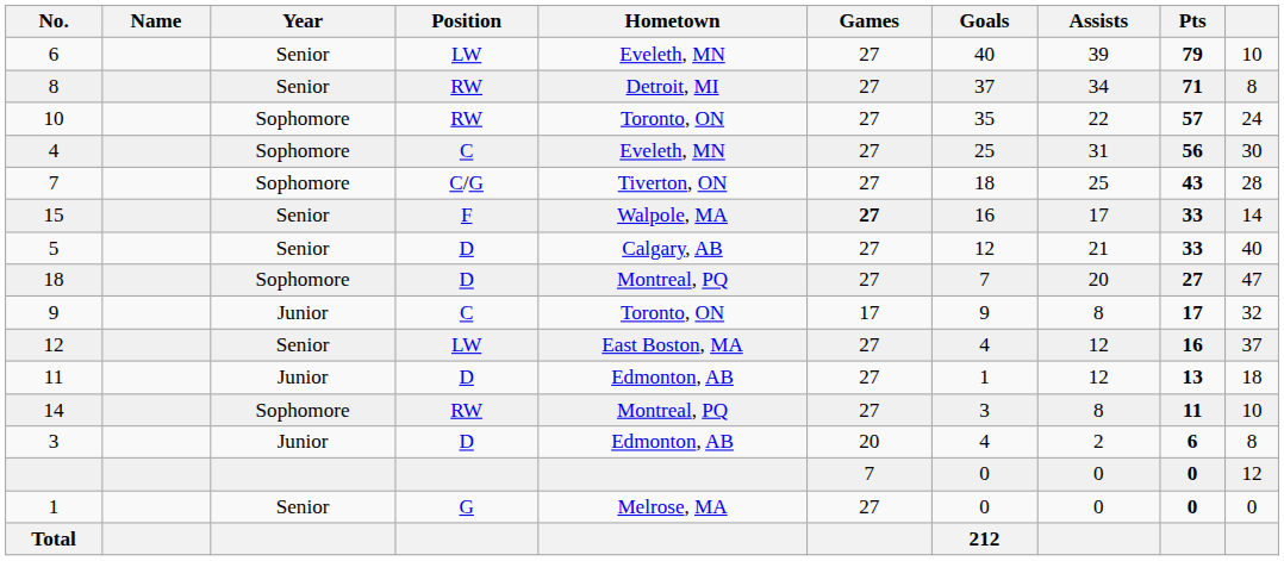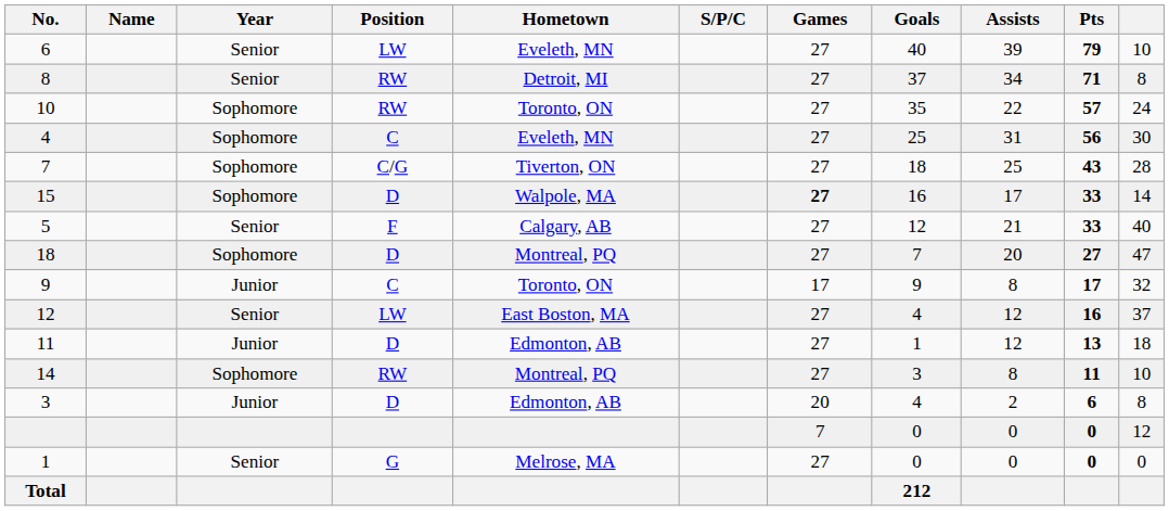 <table class="wikitable sortable" width ="1000">
 <tr align="center">
 <th><strong>No.</strong></th>
 <th><strong>Name</strong></th>
 <th><strong>Year</strong></th>
 <th><strong>Position</strong></th>
 <th><strong>Hometown</strong></th>
+<th><strong>S/P/C</strong></th>
 <th><strong>Games</strong></th>
 <th><strong>Goals</strong></th>
 <th><strong>Assists</strong></th>
 <th><strong>Pts</strong></th>
 <th><strong><a href='#'></a></strong></th>
 </tr>
 <tr align="center" bgcolor="">
 <td>6</td>
 <td></td>
 <td>Senior</td>
 <td><a href='#'>LW</a></td>
 <td><a href='#'>Eveleth</a>, <a href='#'>MN</a></td>
+<td></td>
 <td>27</td>
 <td>40</td>
 <td>39</td>
 <td><strong>79</strong></td>
 <td>10</td>
 </tr>
 <tr align="center" bgcolor="f0f0f0">
 <td>8</td>
 <td></td>
 <td>Senior</td>
 <td><a href='#'>RW</a></td>
 <td><a href='#'>Detroit</a>, <a href='#'>MI</a></td>
+<td></td>
 <td>27</td>
 <td>37</td>
 <td>34</td>
 <td><strong>71</strong></td>
 <td>8</td>
 </tr>
 <tr align="center" bgcolor="">
 <td>10</td>
 <td></td>
 <td>Sophomore</td>
 <td><a href='#'>RW</a></td>
 <td><a href='#'>Toronto</a>, <a href='#'>ON</a></td>
+<td></td>
 <td>27</td>
 <td>35</td>
 <td>22</td>
 <td><strong>57</strong></td>
 <td>24</td>
 </tr>
 <tr align="center" bgcolor="f0f0f0">
 <td>4</td>
 <td></td>
 <td>Sophomore</td>
 <td><a href='#'>C</a></td>
 <td><a href='#'>Eveleth</a>, <a href='#'>MN</a></td>
+<td></td>
 <td>27</td>
 <td>25</td>
 <td>31</td>
 <td><strong>56</strong></td>
 <td>30</td>
 </tr>
 <tr align="center" bgcolor="">
 <td>7</td>
 <td></td>
 <td>Sophomore</td>
 <td><a href='#'>C</a>/<a href='#'>G</a></td>
 <td><a href='#'>Tiverton</a>, <a href='#'>ON</a></td>
+<td></td>
 <td>27</td>
 <td>18</td>
 <td>25</td>
 <td><strong>43</strong></td>
 <td>28</td>
 </tr>
 <tr align="center" bgcolor="f0f0f0">
 <td>15</td>
 <td></td>
-<td>Senior</td>
-<td><a href='#'>F</a></td>
+<td>Sophomore</td>
+<td><a href='#'>D</a></td>
 <td><a href='#'>Walpole</a>, <a href='#'>MA</a></td>
+<td></td>
 <td><strong>27</strong></td>
 <td>16</td>
 <td>17</td>
 <td><strong>33</strong></td>
 <td>14</td>
 </tr>
 <tr align="center" bgcolor="">
 <td>5</td>
 <td></td>
 <td>Senior</td>
-<td><a href='#'>D</a></td>
+<td><a href='#'>F</a></td>
 <td><a href='#'>Calgary</a>, <a href='#'>AB</a></td>
+<td></td>
 <td>27</td>
 <td>12</td>
 <td>21</td>
 <td><strong>33</strong></td>
 <td>40</td>
 </tr>
 <tr align="center" bgcolor="f0f0f0">
 <td>18</td>
 <td></td>
 <td>Sophomore</td>
 <td><a href='#'>D</a></td>
 <td><a href='#'>Montreal</a>, <a href='#'>PQ</a></td>
+<td></td>
 <td>27</td>
 <td>7</td>
 <td>20</td>
 <td><strong>27</strong></td>
 <td>47</td>
 </tr>
 <tr align="center" bgcolor="">
 <td>9</td>
 <td></td>
 <td>Junior</td>
 <td><a href='#'>C</a></td>
 <td><a href='#'>Toronto</a>, <a href='#'>ON</a></td>
+<td></td>
 <td>17</td>
 <td>9</td>
 <td>8</td>
 <td><strong>17</strong></td>
 <td>32</td>
 </tr>
 <tr align="center" bgcolor="f0f0f0">
 <td>12</td>
 <td></td>
 <td>Senior</td>
 <td><a href='#'>LW</a></td>
 <td><a href='#'>East Boston</a>, <a href='#'>MA</a></td>
+<td></td>
 <td>27</td>
 <td>4</td>
 <td>12</td>
 <td><strong>16</strong></td>
 <td>37</td>
 </tr>
 <tr align="center" bgcolor="">
 <td>11</td>
 <td></td>
 <td>Junior</td>
 <td><a href='#'>D</a></td>
 <td><a href='#'>Edmonton</a>, <a href='#'>AB</a></td>
+<td></td>
 <td>27</td>
 <td>1</td>
 <td>12</td>
 <td><strong>13</strong></td>
 <td>18</td>
 </tr>
 <tr align="center" bgcolor="f0f0f0">
 <td>14</td>
 <td></td>
 <td>Sophomore</td>
 <td><a href='#'>RW</a></td>
 <td><a href='#'>Montreal</a>, <a href='#'>PQ</a></td>
+<td></td>
 <td>27</td>
 <td>3</td>
 <td>8</td>
 <td><strong>11</strong></td>
 <td>10</td>
 </tr>
 <tr align="center" bgcolor="">
 <td>3</td>
 <td></td>
 <td>Junior</td>
 <td><a href='#'>D</a></td>
 <td><a href='#'>Edmonton</a>, <a href='#'>AB</a></td>
+<td></td>
 <td>20</td>
 <td>4</td>
 <td>2</td>
 <td><strong>6</strong></td>
 <td>8</td>
 </tr>
 <tr align="center" bgcolor="f0f0f0">
+<td></td>
 <td></td>
 <td></td>
 <td></td>
 <td></td>
 <td></td>
 <td>7</td>
 <td>0</td>
 <td>0</td>
 <td><strong>0</strong></td>
 <td>12</td>
 </tr>
 <tr align="center" bgcolor="">
 <td>1</td>
 <td></td>
 <td>Senior</td>
 <td><a href='#'>G</a></td>
 <td><a href='#'>Melrose</a>, <a href='#'>MA</a></td>
+<td></td>
 <td>27</td>
 <td>0</td>
 <td>0</td>
 <td><strong>0</strong></td>
 <td>0</td>
 </tr>
 <tr>
 <th>Total</th>
 <th></th>
 <th></th>
 <th></th>
 <th></th>
 <th></th>
+<th></th>
 <th>212</th>
 <th></th>
 <th></th>
 <th></th>
 </tr>
 </table>
